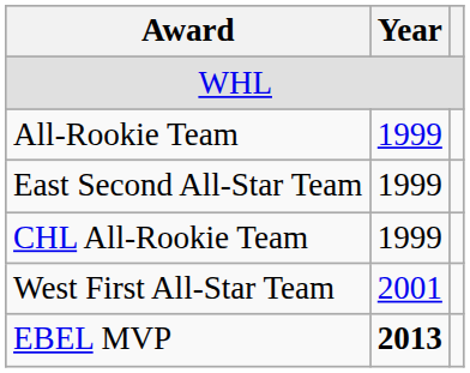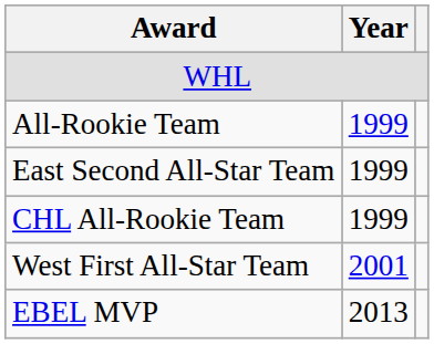 <table class="wikitable">
 <tr>
 <th>Award</th>
 <th>Year</th>
 <th></th>
 </tr>
 <tr ALIGN="center" bgcolor="#e0e0e0">
 <td colspan="3"><a href='#'>WHL</a></td>
 </tr>
 <tr>
 <td>All-Rookie Team</td>
 <td><a href='#'>1999</a></td>
 <td></td>
 </tr>
 <tr>
 <td>East Second All-Star Team</td>
 <td>1999</td>
 <td></td>
 </tr>
 <tr>
 <td><a href='#'>CHL</a> All-Rookie Team</td>
 <td>1999</td>
 <td></td>
 </tr>
 <tr>
 <td>West First All-Star Team</td>
 <td><a href='#'>2001</a></td>
 <td></td>
 </tr>
 <tr>
 <td><a href='#'>EBEL</a> MVP</td>
-<td><strong>2013</strong></td>
+<td>2013</td>
 <td></td>
 </tr>
 </table>
